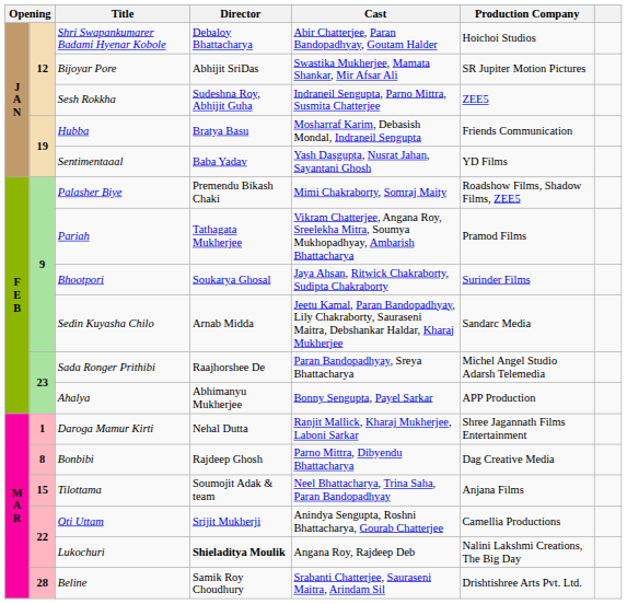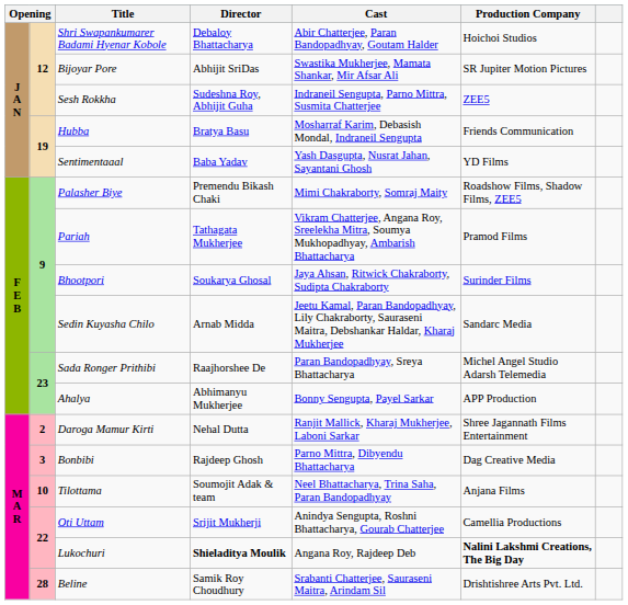 <table class="wikitable sortable">
 <tr style="background:#b0e0e6; text-align:center;">
 <th colspan="2" style="width:6%;"><strong>Opening</strong></th>
 <th style="width:20%;">Title</th>
 <th style="width:15%;">Director</th>
 <th style="width:25%;">Cast</th>
 <th style="width:20%;">Production Company</th>
 <th style="width:4%;"><strong></strong></th>
 </tr>
 <tr>
 <th rowspan="5" style="text-align:center; background:#C19A6B; textcolor:#000;"><strong>J<br>A<br>N</strong></th>
 <td rowspan="3" style="text-align:center;background:#F5DEB3;"><strong>12</strong></td>
 <td><em><a href='#'>Shri Swapankumarer Badami Hyenar Kobole</a></em></td>
 <td><a href='#'>Debaloy Bhattacharya</a></td>
 <td><a href='#'>Abir Chatterjee</a>, <a href='#'>Paran Bandopadhyay</a>, <a href='#'>Goutam Halder</a></td>
 <td>Hoichoi Studios</td>
 <td></td>
 </tr>
 <tr>
 <td><em>Bijoyar Pore</em></td>
 <td>Abhijit SriDas</td>
 <td><a href='#'>Swastika Mukherjee</a>, <a href='#'>Mamata Shankar</a>, <a href='#'>Mir Afsar Ali</a></td>
 <td>SR Jupiter Motion Pictures</td>
 <td></td>
 </tr>
 <tr>
 <td><em>Sesh Rokkha</em></td>
 <td><a href='#'>Sudeshna Roy</a>, <a href='#'>Abhijit Guha</a></td>
 <td><a href='#'>Indraneil Sengupta</a>, <a href='#'>Parno Mittra</a>, <a href='#'>Susmita Chatterjee</a></td>
 <td><a href='#'>ZEE5</a></td>
 <td></td>
 </tr>
 <tr>
 <td rowspan="2" style="text-align:center;background:#F5DEB3;"><strong>19</strong></td>
 <td><em><a href='#'>Hubba</a></em></td>
 <td><a href='#'>Bratya Basu</a></td>
 <td><a href='#'>Mosharraf Karim</a>, Debasish Mondal, <a href='#'>Indraneil Sengupta</a></td>
 <td>Friends Communication</td>
 <td></td>
 </tr>
 <tr>
 <td><em>Sentimentaaal</em></td>
 <td><a href='#'>Baba Yadav</a></td>
 <td><a href='#'>Yash Dasgupta</a>, <a href='#'>Nusrat Jahan</a>, <a href='#'>Sayantani Ghosh</a></td>
 <td>YD Films</td>
 <td></td>
 </tr>
 <tr>
 <th rowspan="6" style="text-align:center; background:#8DB600; textcolor:#000;"><strong>F<br>E<br>B</strong></th>
 <td rowspan="4" style="text-align:center; background:#A8E4A0;"><strong>9</strong></td>
 <td><em><a href='#'>Palasher Biye</a></em></td>
 <td>Premendu Bikash Chaki</td>
 <td><a href='#'>Mimi Chakraborty</a>, <a href='#'>Somraj Maity</a></td>
 <td>Roadshow Films, Shadow Films, <a href='#'>ZEE5</a></td>
 <td></td>
 </tr>
 <tr>
 <td><em><a href='#'>Pariah</a></em></td>
 <td><a href='#'>Tathagata Mukherjee</a></td>
 <td><a href='#'>Vikram Chatterjee</a>, Angana Roy, <a href='#'>Sreelekha Mitra</a>, Soumya Mukhopadhyay, <a href='#'>Ambarish Bhattacharya</a></td>
 <td>Pramod Films</td>
 <td></td>
 </tr>
 <tr>
 <td><em><a href='#'>Bhootpori</a></em></td>
 <td><a href='#'>Soukarya Ghosal</a></td>
 <td><a href='#'>Jaya Ahsan</a>, <a href='#'>Ritwick Chakraborty</a>, <a href='#'>Sudipta Chakraborty</a></td>
 <td><a href='#'>Surinder Films</a></td>
 <td></td>
 </tr>
 <tr>
 <td><em>Sedin Kuyasha Chilo</em></td>
 <td>Arnab Midda</td>
 <td><a href='#'>Jeetu Kamal</a>, <a href='#'>Paran Bandopadhyay</a>, Lily Chakraborty, Sauraseni Maitra, Debshankar Haldar, <a href='#'>Kharaj Mukherjee</a></td>
 <td>Sandarc Media</td>
 <td></td>
 </tr>
 <tr>
 <td rowspan="2" style="text-align:center; background:#A8E4A0;"><strong>23</strong></td>
 <td><em>Sada Ronger Prithibi</em></td>
 <td>Raajhorshee De</td>
 <td><a href='#'>Paran Bandopadhyay</a>,  Sreya Bhattacharya</td>
 <td>Michel Angel Studio<br>Adarsh Telemedia</td>
 <td></td>
 </tr>
 <tr>
 <td><em>Ahalya</em></td>
 <td>Abhimanyu Mukherjee</td>
 <td><a href='#'>Bonny Sengupta</a>, <a href='#'>Payel Sarkar</a></td>
 <td>APP Production</td>
 <td></td>
 </tr>
 <tr>
 <td rowspan="7" style="text-align:center; background:#F900A1; textcolor:#000;"><strong>M<br>A<br>R</strong></td>
-<td rowspan="1" style="text-align:center; background: lightPink;"><strong>1</strong></td>
+<td rowspan="1" style="text-align:center; background: lightPink;"><strong>2</strong></td>
 <td><em>Daroga Mamur Kirti</em></td>
 <td>Nehal Dutta</td>
 <td><a href='#'>Ranjit Mallick</a>, <a href='#'>Kharaj Mukherjee</a>, <a href='#'>Laboni Sarkar</a></td>
 <td>Shree Jagannath Films Entertainment</td>
 <td></td>
 </tr>
 <tr>
-<td rowspan="1" style="text-align:center; background: lightPink;"><strong>8</strong></td>
+<td rowspan="1" style="text-align:center; background: lightPink;"><strong>3</strong></td>
 <td><em>Bonbibi</em></td>
 <td>Rajdeep Ghosh</td>
 <td><a href='#'>Parno Mittra</a>, <a href='#'>Dibyendu Bhattacharya</a></td>
 <td>Dag Creative Media</td>
 <td></td>
 </tr>
 <tr>
-<td rowspan="1" style="text-align:center; background: lightPink;"><strong>15</strong></td>
+<td rowspan="1" style="text-align:center; background: lightPink;"><strong>10</strong></td>
 <td><em>Tilottama</em></td>
 <td>Soumojit Adak & team</td>
 <td><a href='#'>Neel Bhattacharya</a>, <a href='#'>Trina Saha</a>, <a href='#'>Paran Bandopadhyay</a></td>
 <td>Anjana Films</td>
 <td></td>
 </tr>
 <tr>
 <td rowspan="2" style="text-align:center; background: lightPink;"><strong>22</strong></td>
 <td><em><a href='#'>Oti Uttam</a></em></td>
 <td><a href='#'>Srijit Mukherji</a></td>
 <td>Anindya Sengupta, Roshni Bhattacharya, <a href='#'>Gourab Chatterjee</a></td>
 <td>Camellia Productions</td>
 <td></td>
 </tr>
 <tr>
 <td><em>Lukochuri</em></td>
 <td><strong>Shieladitya Moulik</strong></td>
 <td>Angana Roy, Rajdeep Deb</td>
-<td>Nalini Lakshmi Creations, The Big Day</td>
+<td><strong>Nalini Lakshmi Creations, The Big Day</strong></td>
 <td></td>
 </tr>
 <tr>
 <td style="text-align:center; background: lightpink;"><strong>28</strong></td>
 <td><em>Beline</em></td>
 <td>Samik Roy Choudhury</td>
 <td><a href='#'>Srabanti Chatterjee</a>, <a href='#'>Sauraseni Maitra</a>, <a href='#'>Arindam Sil</a></td>
 <td>Drishtishree Arts Pvt. Ltd.</td>
 <td></td>
 </tr>
 </table>
